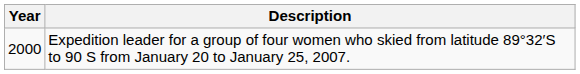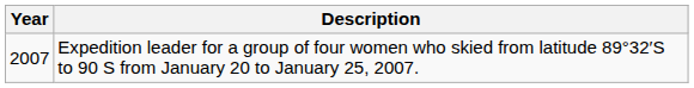 <table class="wikitable">
 <tr>
 <th>Year</th>
 <th>Description</th>
 </tr>
 <tr>
-<td>2000</td>
+<td>2007</td>
 <td align="left">Expedition leader for a group of four women who skied from latitude 89°32′S to 90 S from January 20 to January 25, 2007.</td>
 </tr>
 </table>
